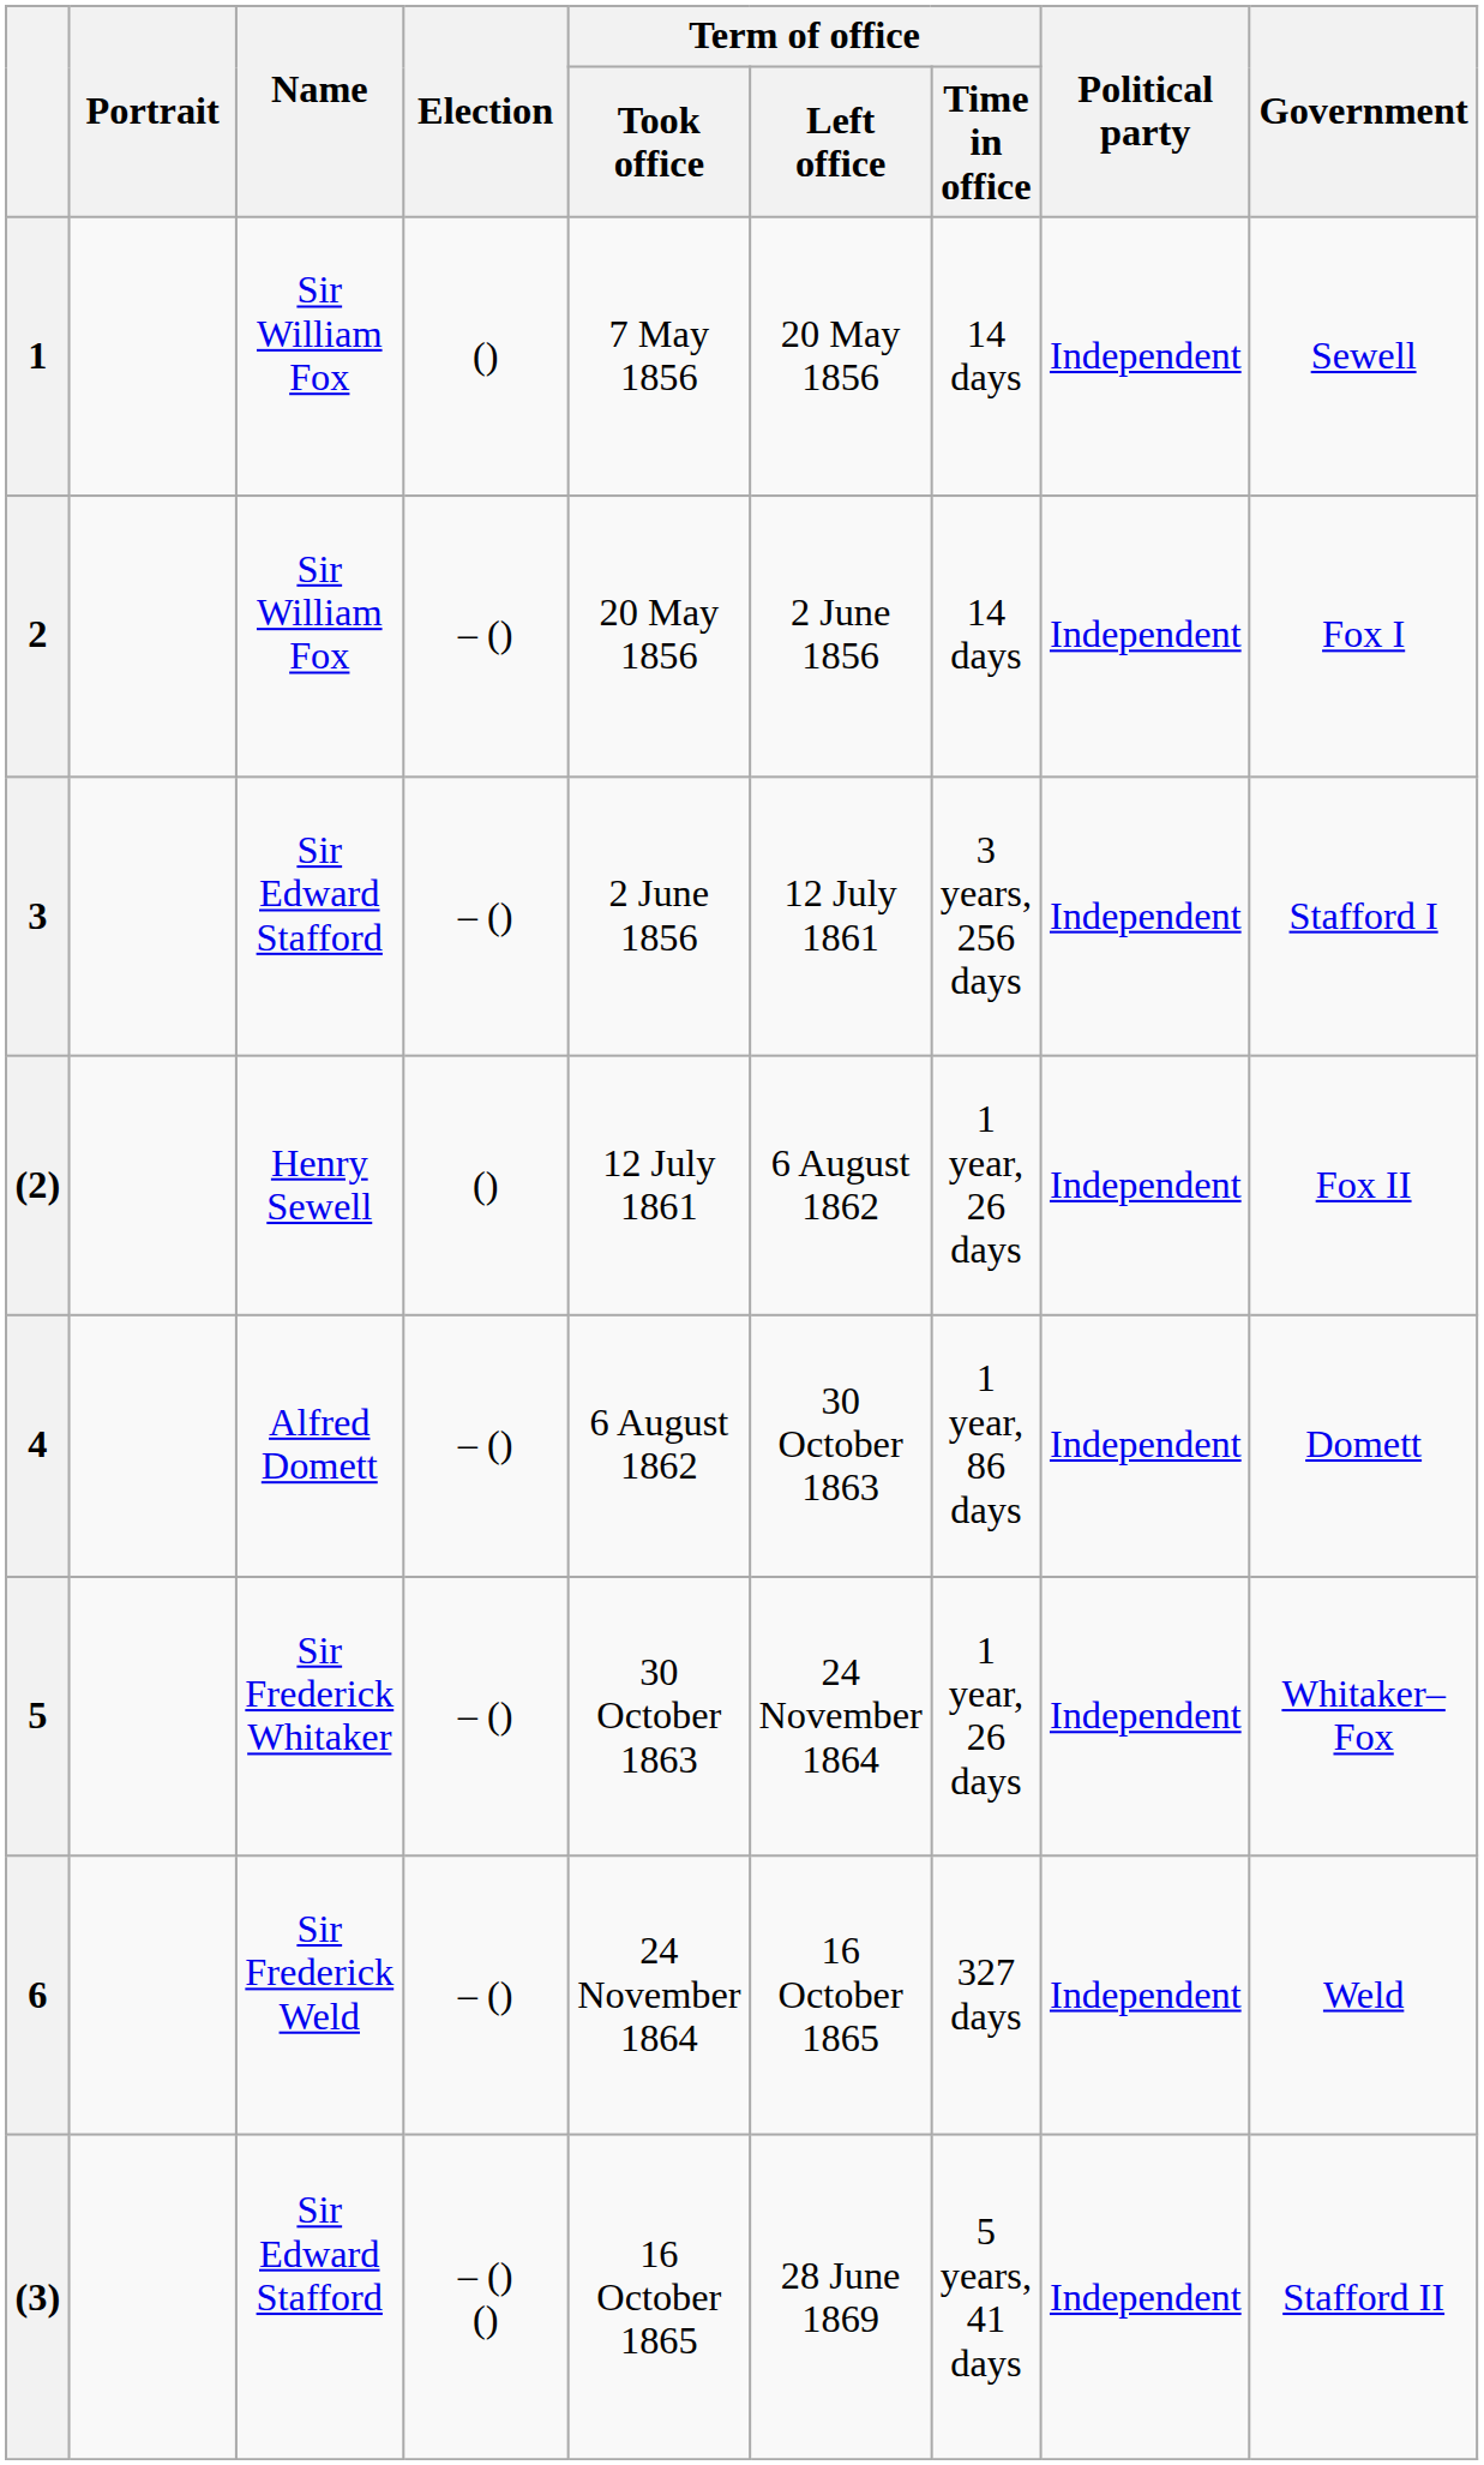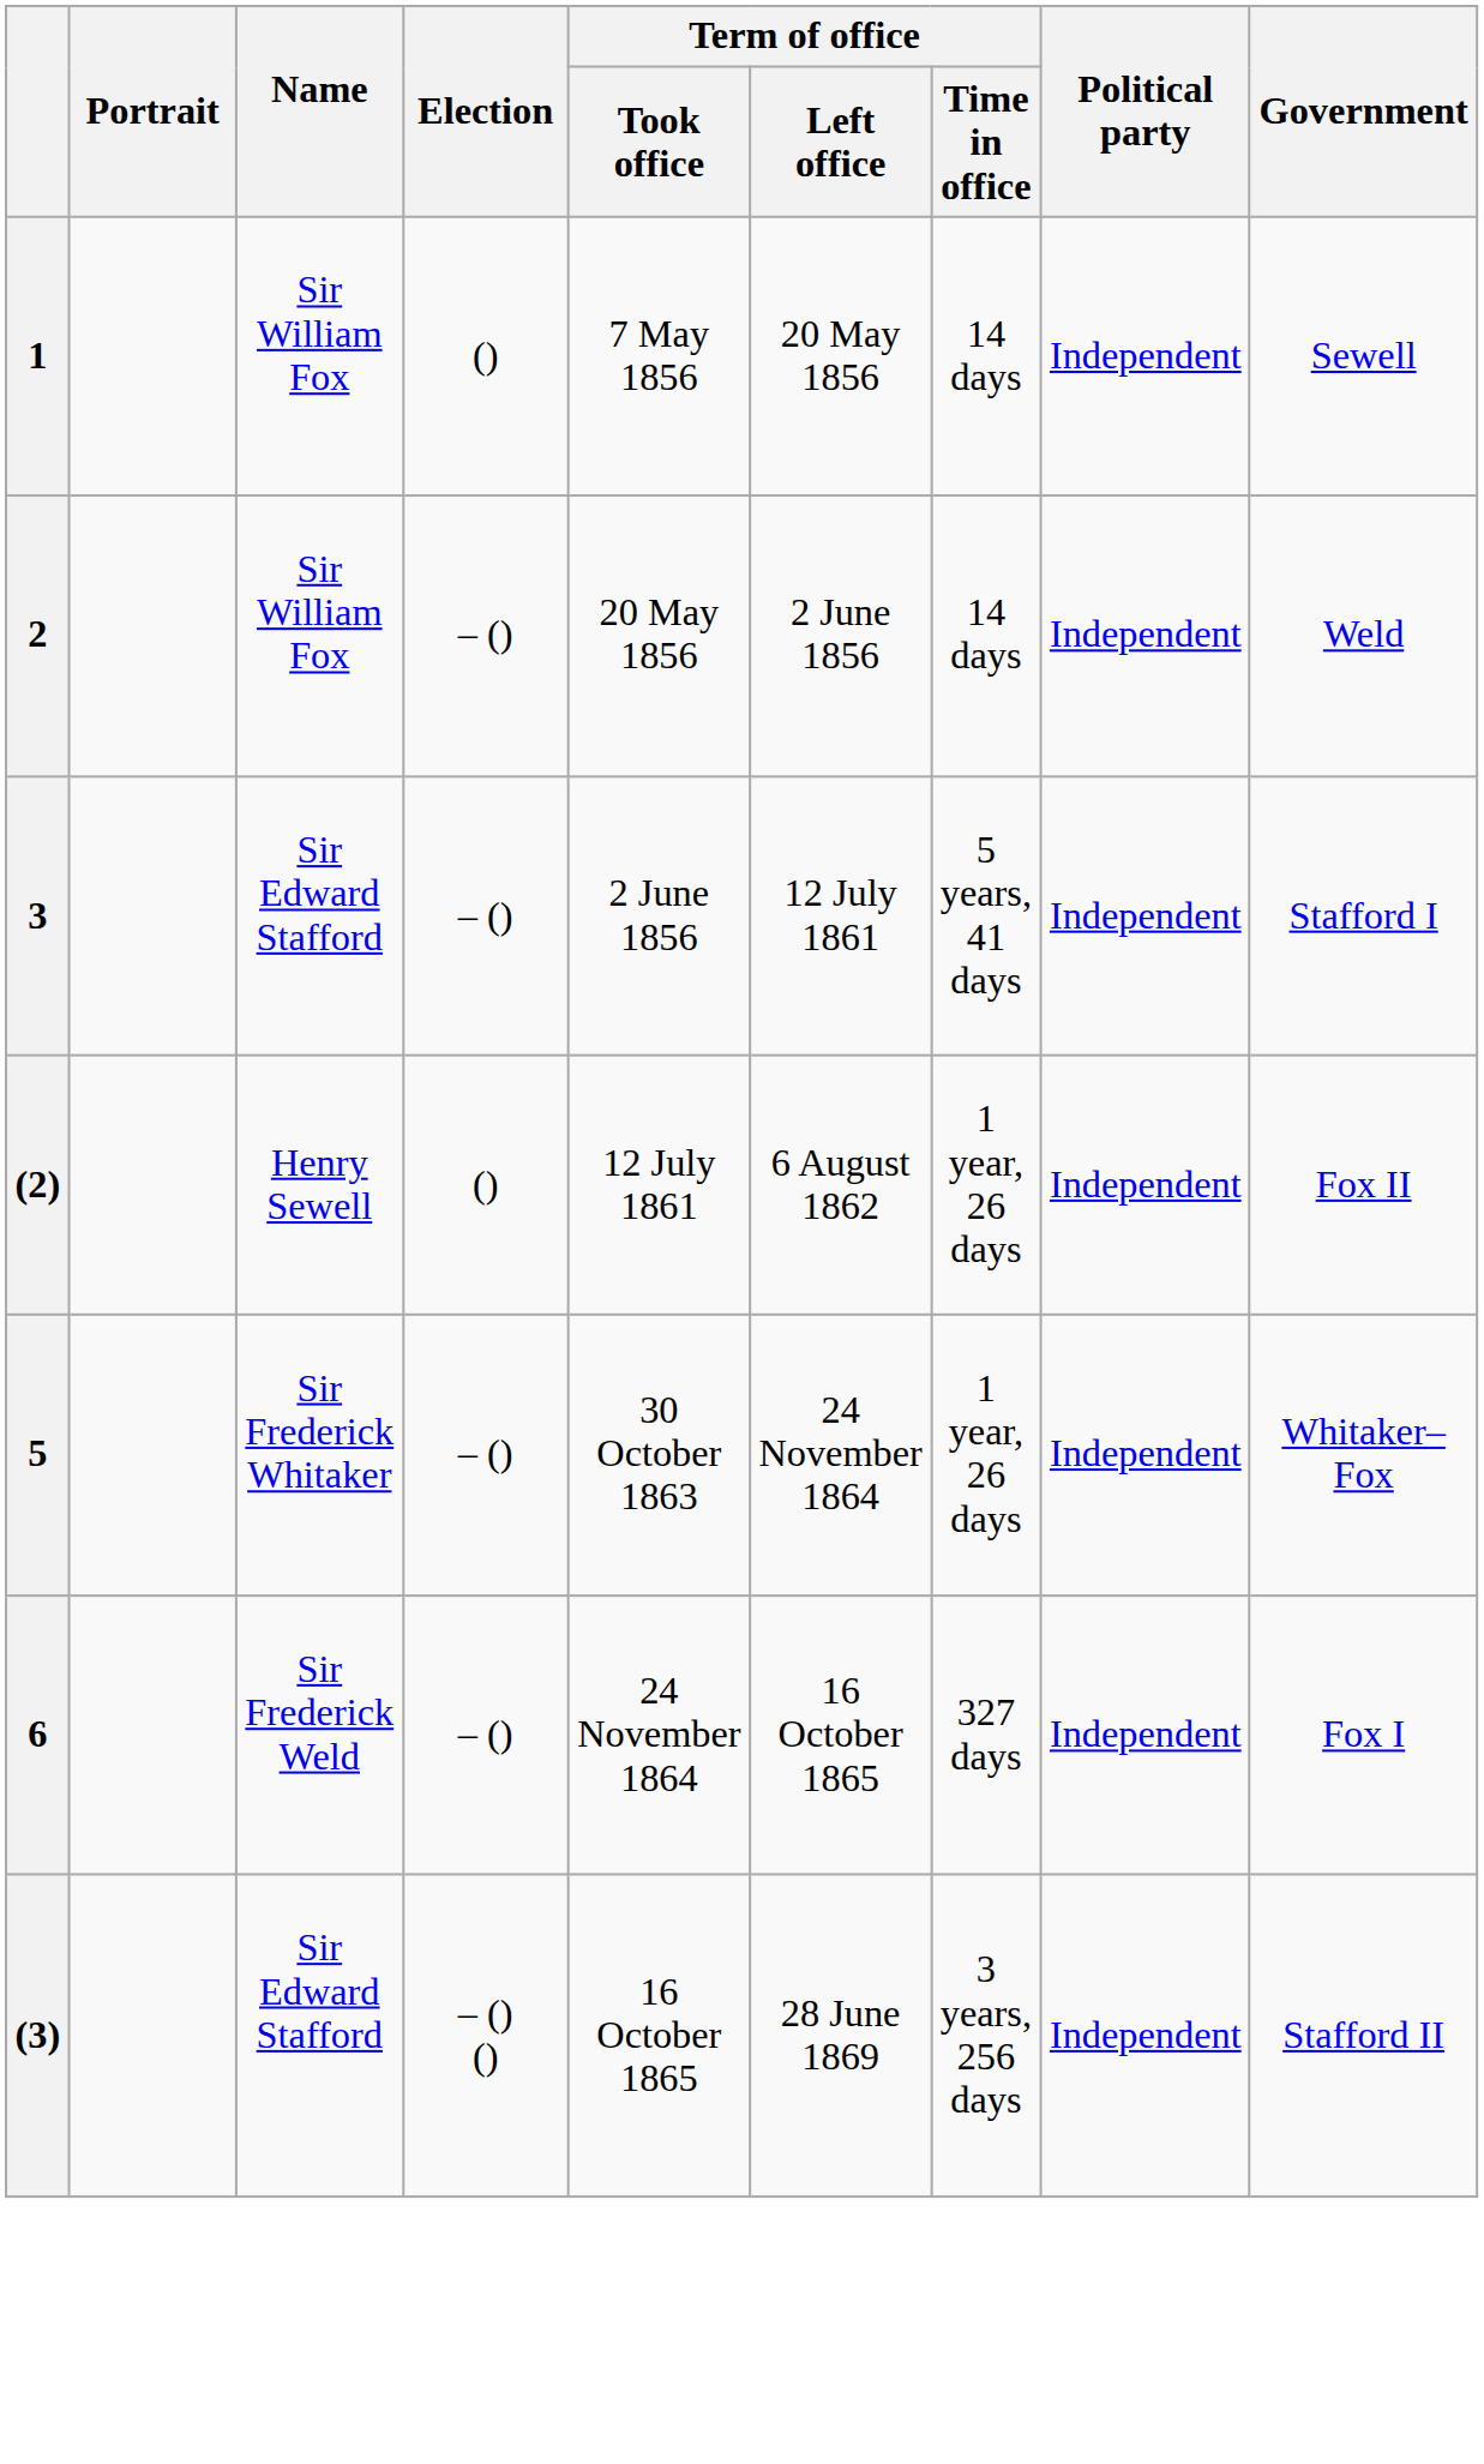 <table class="wikitable" style="text-align:center">
 <tr>
 <th scope=col rowspan="2"></th>
 <th scope=col rowspan="2" width="100px">Portrait</th>
 <th scope=col rowspan="2">Name<br><br></th>
 <th scope=col rowspan="2" width="90px">Election<br></th>
 <th colspan="3">Term of office</th>
 <th scope=col rowspan="2">Political party</th>
 <th scope=col rowspan="2">Government</th>
 </tr>
 <tr>
 <th scope=col>Took office</th>
 <th scope=col>Left office</th>
 <th scope=col>Time in office</th>
 </tr>
 <tr>
 <th style="background:">1</th>
 <td></td>
 <td scope=row><a href='#'><br>Sir William Fox<br></a><br><br></td>
 <td> (<a href='#'></a>)</td>
 <td class=nowrap height=100 style="min-height:100px">7 May<br>1856</td>
 <td class=nowrap height=100 style="min-height:100px">20 May<br>1856</td>
 <td>14 days</td>
 <td><a href='#'>Independent</a></td>
 <td><a href='#'>Sewell</a></td>
 </tr>
 <tr>
 <th style="background:">2</th>
 <td></td>
 <td scope=row><a href='#'><br>Sir William Fox<br></a><br><br></td>
 <td>– (<a href='#'></a>)</td>
 <td class="nowrap" height="100" style="min-height:100px">20 May<br>1856</td>
 <td class="nowrap" height="100" style="min-height:100px">2 June<br>1856</td>
 <td>14 days</td>
 <td><a href='#'>Independent</a></td>
-<td><a href='#'>Fox I</a></td>
+<td><a href='#'>Weld</a></td>
 </tr>
 <tr>
 <th style="background:">3</th>
 <td></td>
 <td scope=row><a href='#'><br>Sir Edward Stafford<br></a><br><br></td>
 <td>– (<a href='#'></a>)</td>
 <td class="nowrap" height="100" style="min-height:100px">2 June<br>1856</td>
 <td class="nowrap" height="100" style="min-height:100px">12 July<br>1861</td>
-<td>3 years,<br>256 days</td>
+<td>5 years,<br>41 days</td>
 <td><a href='#'>Independent</a></td>
 <td><a href='#'>Stafford I</a></td>
 </tr>
 <tr>
 <th style="background:">(2)</th>
 <td></td>
 <td scope=row><a href='#'><br>Henry Sewell</a><br><br></td>
 <td> (<a href='#'></a>)</td>
 <td class="nowrap" height="100" style="min-height:100px">12 July<br>1861</td>
 <td class="nowrap" height="100" style="min-height:100px">6 August<br>1862</td>
 <td>1 year,<br>26 days</td>
 <td><a href='#'>Independent</a></td>
 <td><a href='#'>Fox II</a></td>
-</tr>
-<tr>
-<th style="background:">4</th>
-<td></td>
-<td scope=row><a href='#'><br>Alfred Domett</a><br><br></td>
-<td>– (<a href='#'></a>)</td>
-<td class="nowrap" height="100" style="min-height:100px">6 August<br>1862</td>
-<td class="nowrap" height="100" style="min-height:100px">30 October<br>1863</td>
-<td>1 year,<br>86 days</td>
-<td><a href='#'>Independent</a></td>
-<td><a href='#'>Domett</a></td>
 </tr>
 <tr>
 <th style="background:">5</th>
 <td></td>
 <td scope=row><a href='#'><br>Sir Frederick Whitaker<br></a><br><br></td>
 <td>– (<a href='#'></a>)</td>
 <td class="nowrap" height="100" style="min-height:100px">30 October<br>1863</td>
 <td class="nowrap" height="100" style="min-height:100px">24 November<br>1864</td>
 <td>1 year,<br>26 days</td>
 <td><a href='#'>Independent</a></td>
 <td><a href='#'>Whitaker–Fox</a></td>
 </tr>
 <tr>
 <th style="background:">6</th>
 <td></td>
 <td scope=row><a href='#'><br>Sir Frederick Weld<br></a><br><br></td>
 <td>– (<a href='#'></a>)</td>
 <td class="nowrap" height="100" style="min-height:100px">24 November<br>1864</td>
 <td class="nowrap" height="100" style="min-height:100px">16 October<br>1865</td>
 <td>327 days</td>
 <td><a href='#'>Independent</a></td>
-<td><a href='#'>Weld</a></td>
+<td><a href='#'>Fox I</a></td>
 </tr>
 <tr>
 <th style="background:">(3)</th>
 <td></td>
 <td scope=row><a href='#'><br>Sir Edward Stafford<br></a><br><br><br></td>
 <td>– (<a href='#'></a>)<br> (<a href='#'></a>)</td>
 <td class="nowrap" height="100" style="min-height:100px">16 October<br>1865</td>
 <td class="nowrap" height="100" style="min-height:100px">28 June<br>1869</td>
-<td>5 years,<br>41 days</td>
+<td>3 years,<br>256 days</td>
 <td><a href='#'>Independent</a></td>
 <td><a href='#'>Stafford II</a></td>
 </tr>
 </table>
